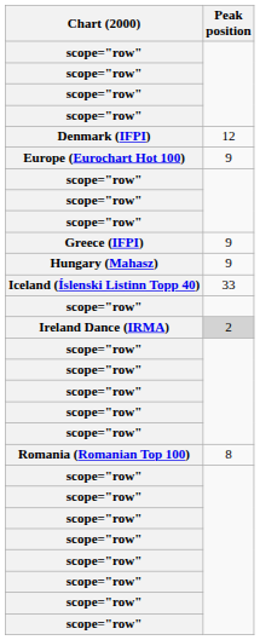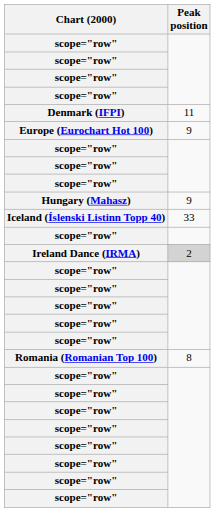 <table class="wikitable sortable plainrowheaders" style="text-align:center">
 <tr>
 <th>Chart (2000)</th>
 <th>Peak<br>position</th>
 </tr>
 <tr>
 <th>scope="row"</th>
 </tr>
 <tr>
 <th>scope="row"</th>
 </tr>
 <tr>
 <th>scope="row"</th>
 </tr>
 <tr>
 <th>scope="row"</th>
 </tr>
 <tr>
 <th scope="row">Denmark (<a href='#'>IFPI</a>)</th>
-<td>12</td>
+<td>11</td>
 </tr>
 <tr>
 <th scope="row">Europe (<a href='#'>Eurochart Hot 100</a>)</th>
 <td>9</td>
 </tr>
 <tr>
 <th>scope="row"</th>
 </tr>
 <tr>
 <th>scope="row"</th>
 </tr>
 <tr>
 <th>scope="row"</th>
-</tr>
-<tr>
-<th scope="row">Greece (<a href='#'>IFPI</a>)</th>
-<td>9</td>
 </tr>
 <tr>
 <th scope="row">Hungary (<a href='#'>Mahasz</a>)</th>
 <td>9</td>
 </tr>
 <tr>
 <th scope="row">Iceland (<a href='#'>Íslenski Listinn Topp 40</a>)</th>
 <td>33</td>
 </tr>
 <tr>
 <th>scope="row"</th>
 </tr>
 <tr>
 <th scope="row">Ireland Dance (<a href='#'>IRMA</a>)</th>
 <td style="background: lightgrey;">2</td>
 </tr>
 <tr>
 <th>scope="row"</th>
 </tr>
 <tr>
 <th>scope="row"</th>
 </tr>
 <tr>
 <th>scope="row"</th>
 </tr>
 <tr>
 <th>scope="row"</th>
 </tr>
 <tr>
 <th>scope="row"</th>
 </tr>
 <tr>
 <th scope="row">Romania (<a href='#'>Romanian Top 100</a>)</th>
 <td>8</td>
 </tr>
 <tr>
 <th>scope="row"</th>
 </tr>
 <tr>
 <th>scope="row"</th>
 </tr>
 <tr>
 <th>scope="row"</th>
 </tr>
 <tr>
 <th>scope="row"</th>
 </tr>
 <tr>
 <th>scope="row"</th>
 </tr>
 <tr>
 <th>scope="row"</th>
 </tr>
 <tr>
 <th>scope="row"</th>
 </tr>
 <tr>
 <th>scope="row"</th>
 </tr>
 </table>
